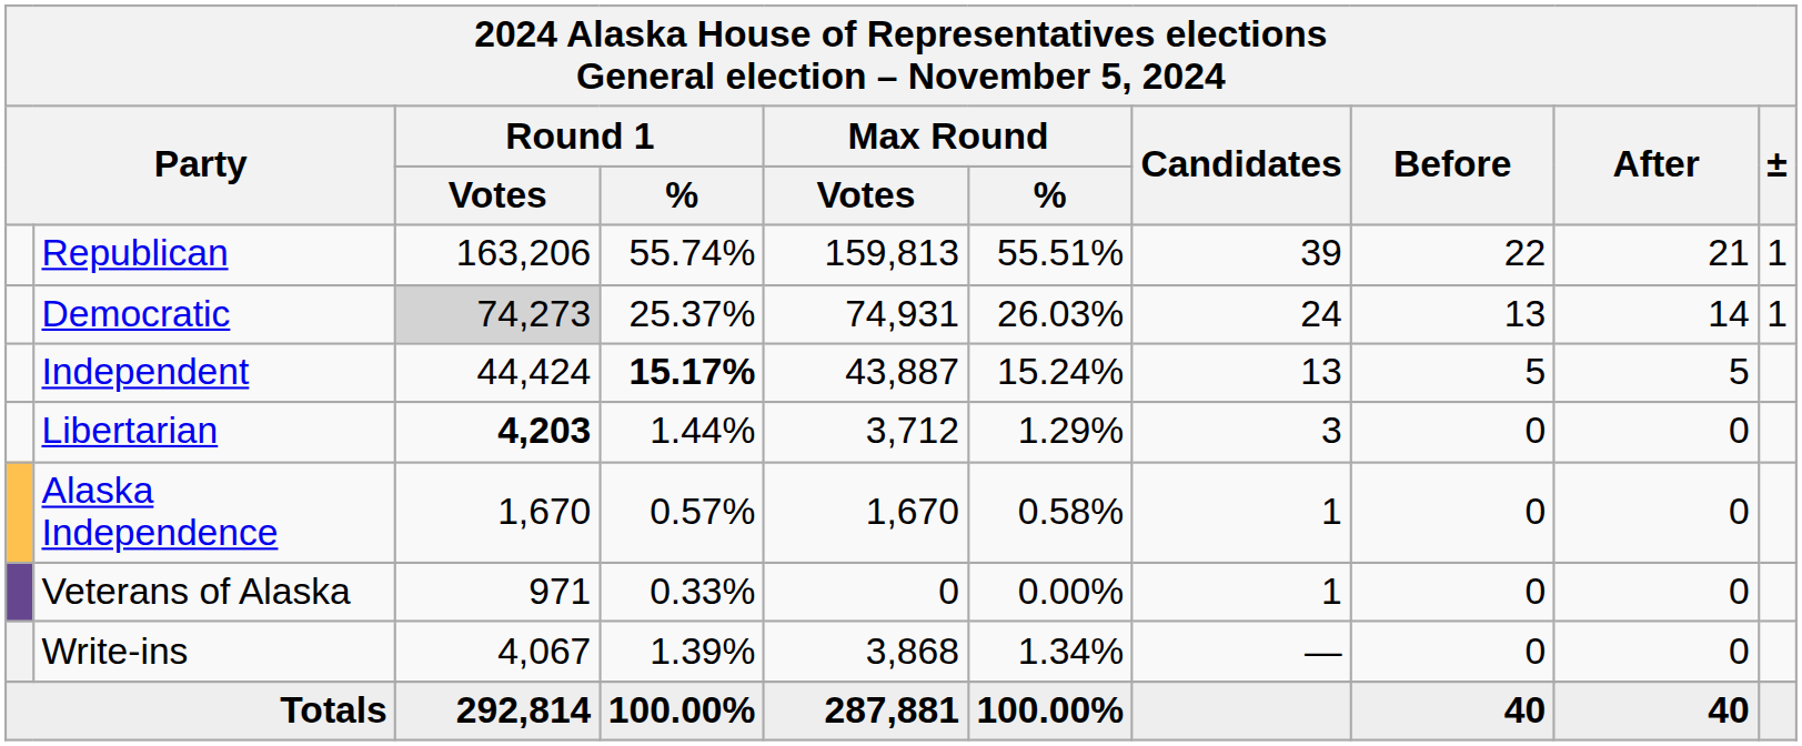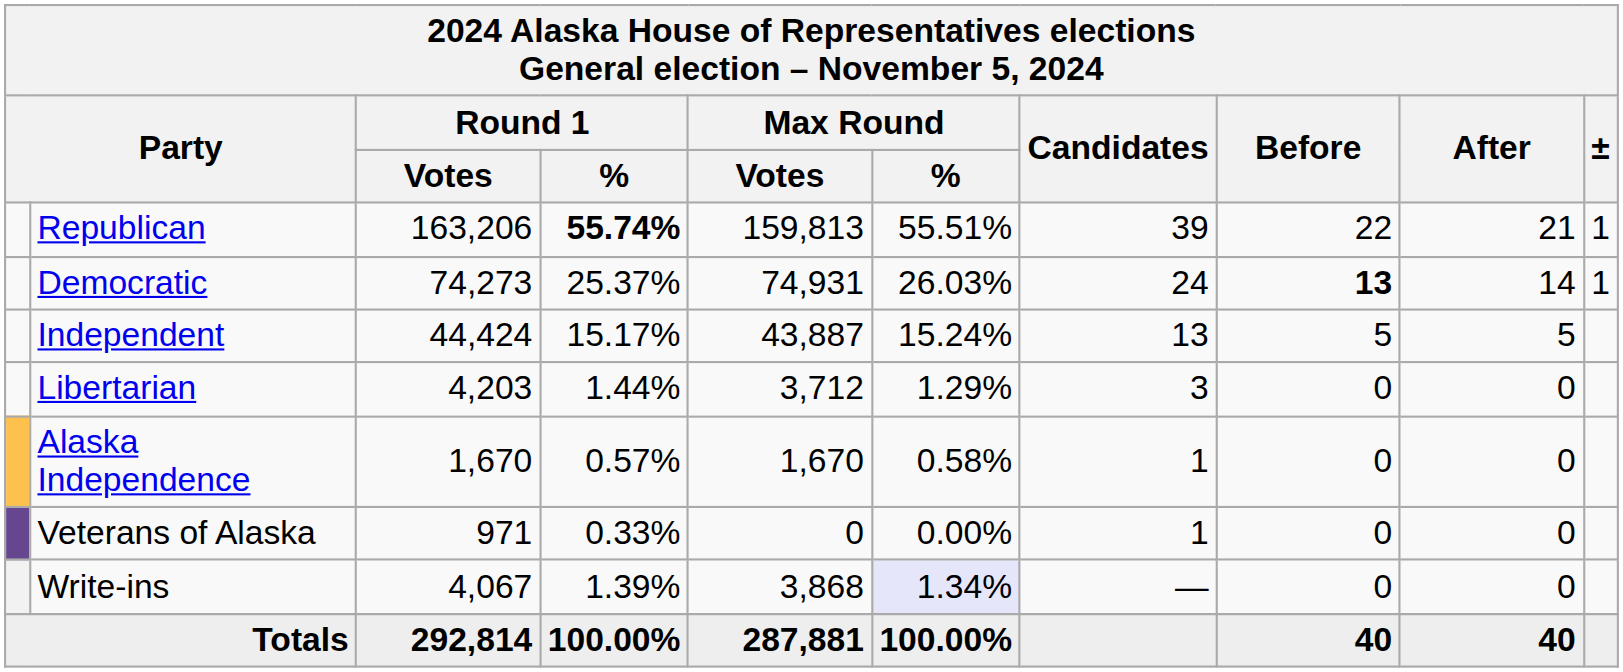 <table class="wikitable">
 <tr>
 <th colspan="12">2024 Alaska House of Representatives elections<br>General election – November 5, 2024</th>
 </tr>
 <tr bgcolor="#EEEEEE" align="center">
 <th colspan=2 rowspan=2 style="width: 10em">Party</th>
 <th colspan=2>Round 1</th>
 <th colspan=2>Max Round</th>
 <th rowspan=2 style="width: 5em">Candidates</th>
 <th rowspan=2 style="width: 5em">Before</th>
 <th rowspan=2 style="width: 5em">After</th>
 <th rowspan=2>±</th>
 </tr>
 <tr>
 <th style="width: 5em">Votes</th>
 <th style="width: 3em">%</th>
 <th style="width: 5em">Votes</th>
 <th style="width: 3em">%</th>
 </tr>
 <tr>
 <td style="background:"></td>
 <td style="width: 130px"><a href='#'>Republican</a></td>
 <td align="right">163,206</td>
-<td align="right">55.74%</td>
+<td align="right"><strong>55.74%</strong></td>
 <td align="right">159,813</td>
 <td align="right">55.51%</td>
 <td align="right">39</td>
 <td align="right">22</td>
 <td align="right">21</td>
 <td align="right"> 1</td>
 </tr>
 <tr>
 <td style="background:"></td>
 <td style="width: 130px"><a href='#'>Democratic</a></td>
-<td align="right" style="background: lightgrey;">74,273</td>
+<td align="right">74,273</td>
 <td align="right">25.37%</td>
 <td align="right">74,931</td>
 <td align="right">26.03%</td>
 <td align="right">24</td>
-<td align="right">13</td>
+<td align="right"><strong>13</strong></td>
 <td align="right">14</td>
 <td align="right"> 1</td>
 </tr>
 <tr>
 <td style="background:"></td>
 <td style="width: 130px"><a href='#'>Independent</a></td>
 <td align="right">44,424</td>
-<td align="right"><strong>15.17%</strong></td>
+<td align="right">15.17%</td>
 <td align="right">43,887</td>
 <td align="right">15.24%</td>
 <td align="right">13</td>
 <td align="right">5</td>
 <td align="right">5</td>
 <td align="right"></td>
 </tr>
 <tr>
 <td style="background:"></td>
 <td style="width: 130px"><a href='#'>Libertarian</a></td>
-<td align="right"><strong>4,203</strong></td>
+<td align="right">4,203</td>
 <td align="right">1.44%</td>
 <td align="right">3,712</td>
 <td align="right">1.29%</td>
 <td align="right">3</td>
 <td align="right">0</td>
 <td align="right">0</td>
 <td align="right"></td>
 </tr>
 <tr>
 <td style="background:#FFC14E;"></td>
 <td style="width: 130px"><a href='#'>Alaska Independence</a></td>
 <td align="right">1,670</td>
 <td align="right">0.57%</td>
 <td align="right">1,670</td>
 <td align="right">0.58%</td>
 <td align="right">1</td>
 <td align="right">0</td>
 <td align="right">0</td>
 <td align="right"></td>
 </tr>
 <tr>
 <td style="background:#674690;"></td>
 <td style="width: 130px">Veterans of Alaska</td>
 <td align="right">971</td>
 <td align="right">0.33%</td>
 <td align="right">0</td>
 <td align="right">0.00%</td>
 <td align="right">1</td>
 <td align="right">0</td>
 <td align="right">0</td>
 <td align="right"></td>
 </tr>
 <tr>
 <th style="background-color:; width: 3px"></th>
 <td style="width: 130px">Write-ins</td>
 <td align="right">4,067</td>
 <td align="right">1.39%</td>
 <td align="right">3,868</td>
-<td align="right">1.34%</td>
+<td align="right" style="background: lavender;">1.34%</td>
 <td align="right">—</td>
 <td align="right">0</td>
 <td align="right">0</td>
 <td align="right"></td>
 </tr>
 <tr>
 </tr>
 <tr bgcolor="#EEEEEE">
 <td colspan="2" align="right"><strong>Totals</strong></td>
 <td align="right"><strong>292,814</strong></td>
 <td align="right"><strong>100.00%</strong></td>
 <td align="right"><strong>287,881</strong></td>
 <td align="right"><strong>100.00%</strong></td>
 <td align="right"></td>
 <td align="right"><strong>40</strong></td>
 <td align="right"><strong>40</strong></td>
 <td align="right"></td>
 </tr>
 </table>
